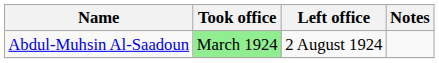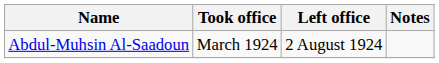 <table class="wikitable">
 <tr>
 <th>Name</th>
 <th>Took office</th>
 <th>Left office</th>
 <th>Notes</th>
 </tr>
 <tr>
 <td><a href='#'>Abdul-Muhsin Al-Saadoun</a></td>
-<td style="background: lightgreen;">March 1924</td>
+<td>March 1924</td>
 <td>2 August 1924</td>
 <td></td>
 </tr>
 <tr>
 </tr>
 </table>
